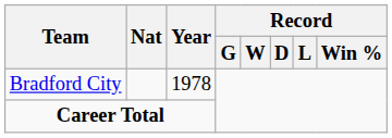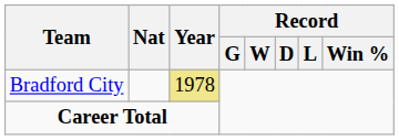 <table class="wikitable" style="text-align: center">
 <tr>
 <th rowspan="2">Team</th>
 <th rowspan="2">Nat</th>
 <th rowspan="2">Year</th>
 <th colspan="5">Record</th>
 </tr>
 <tr>
 <th>G</th>
 <th>W</th>
 <th>D</th>
 <th>L</th>
 <th>Win %</th>
 </tr>
 <tr>
 <td align="left"><a href='#'>Bradford City</a></td>
 <td></td>
-<td>1978<br></td>
+<td style="background: khaki;">1978<br></td>
 </tr>
 <tr>
 <td colspan=3><strong>Career Total</strong><br></td>
 </tr>
 </table>
